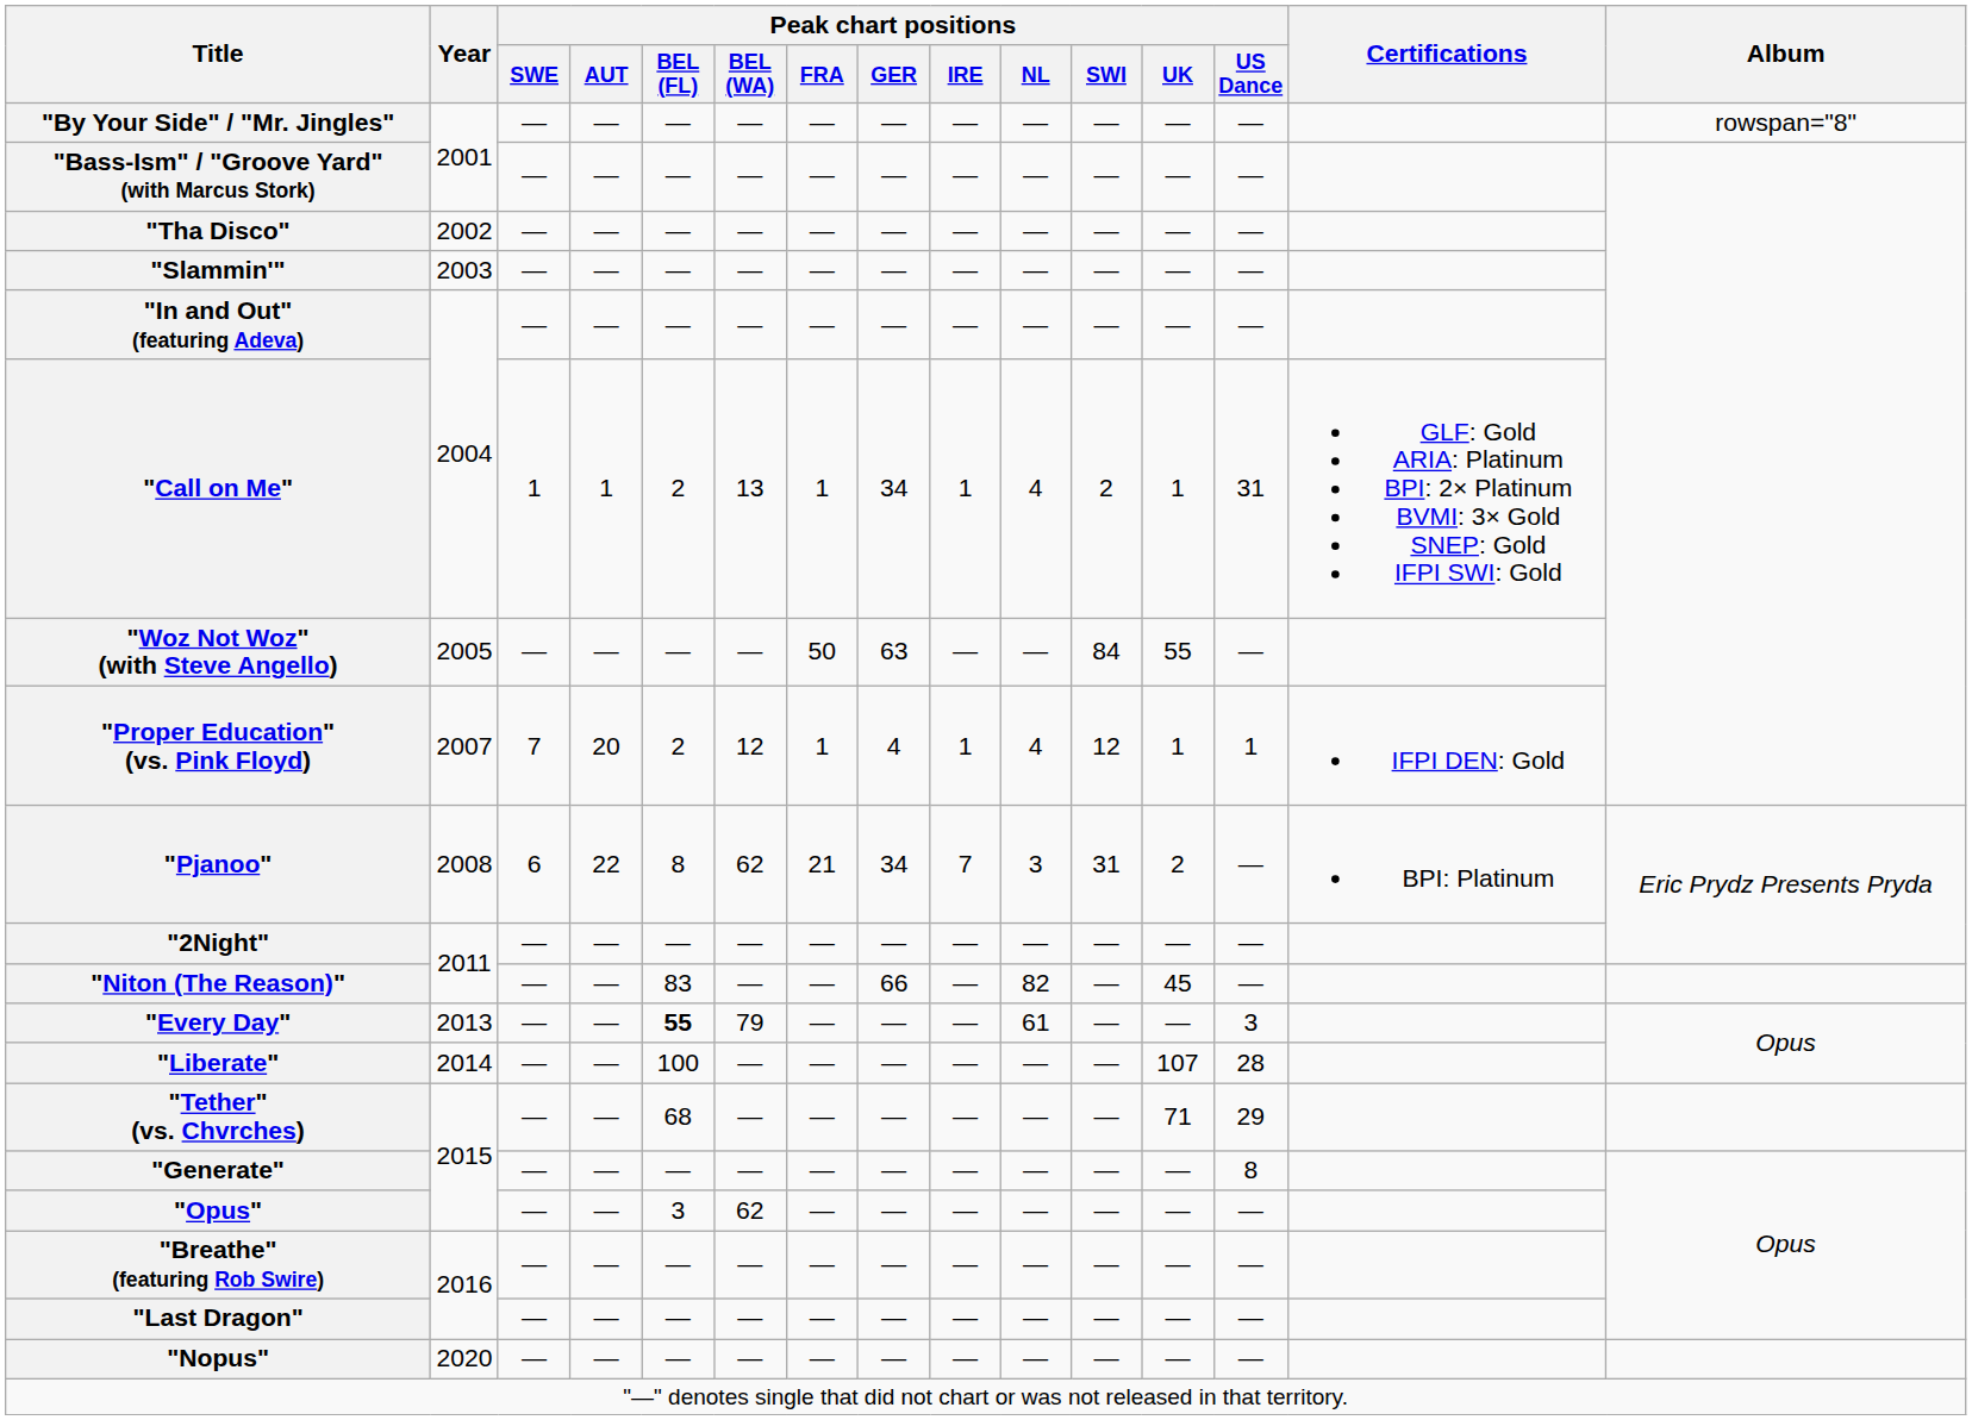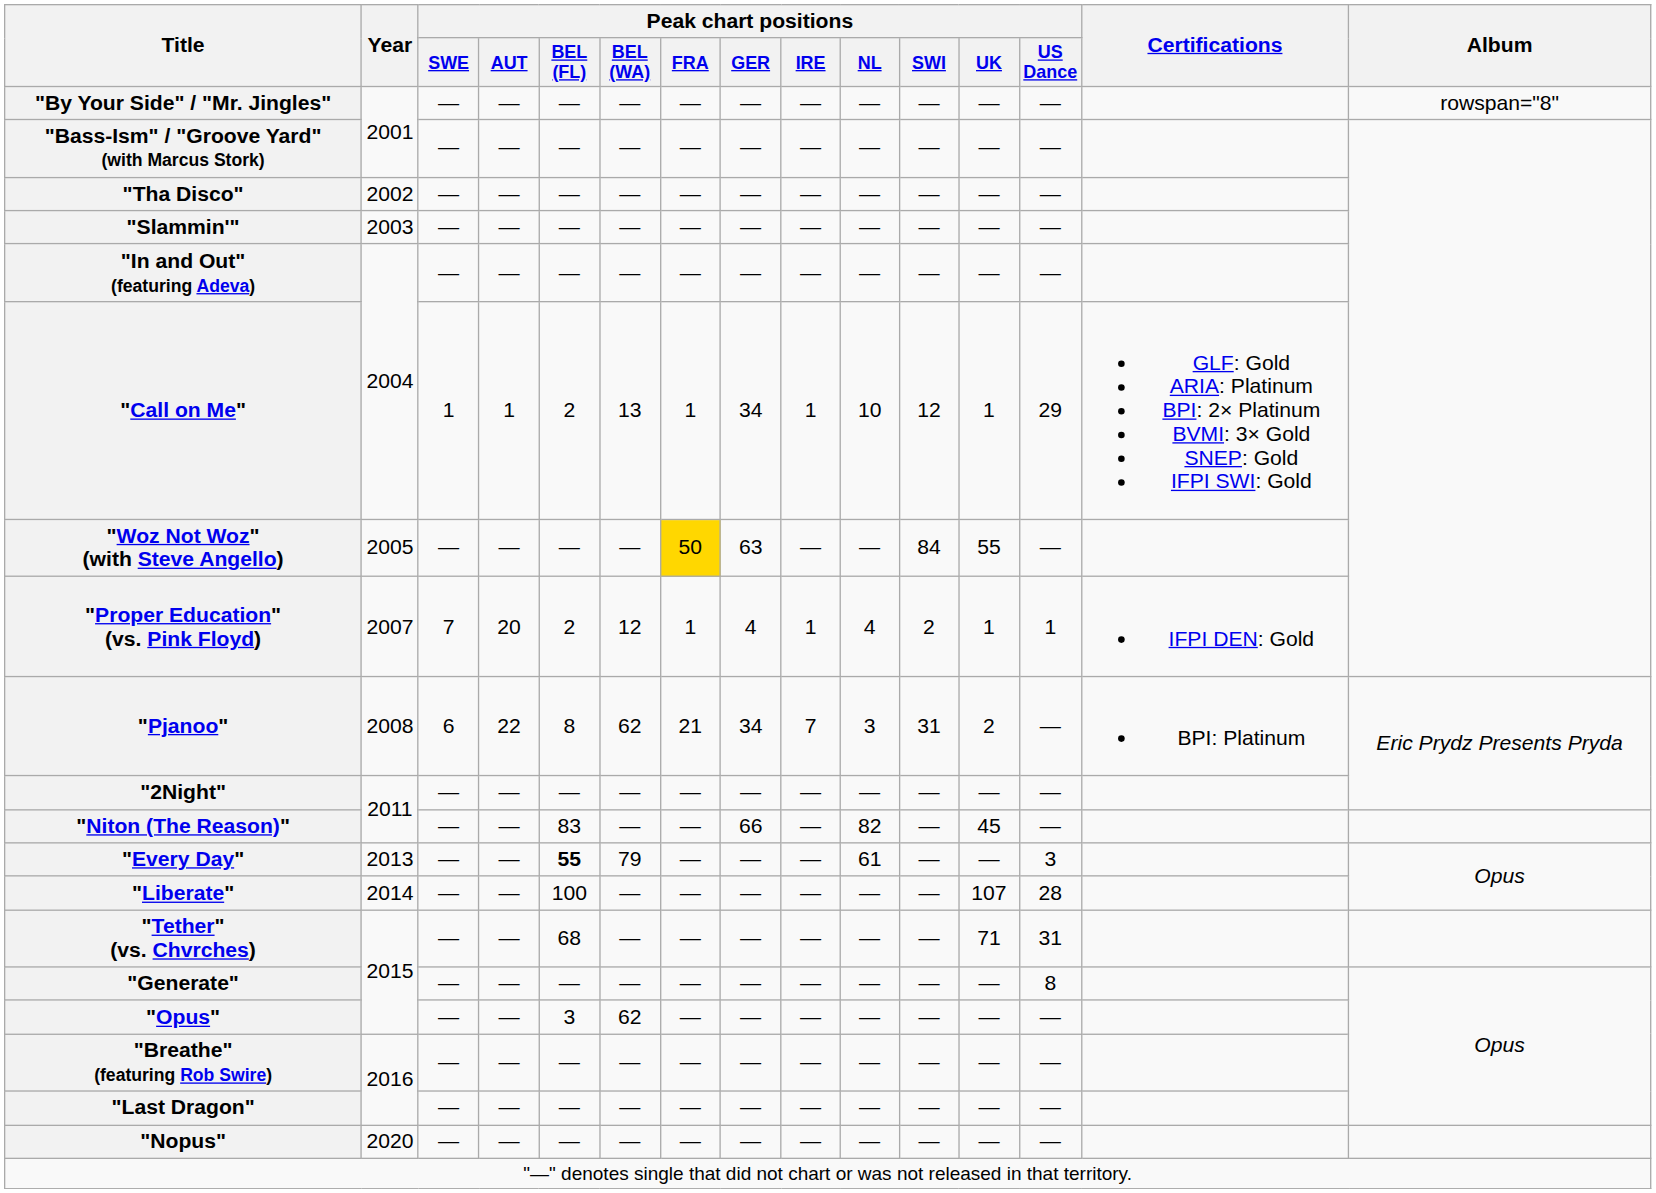 <table class="wikitable plainrowheaders" style="text-align:center;">
 <tr>
 <th scope="col" rowspan="2" style="width:18em">Title</th>
 <th scope="col" rowspan="2">Year</th>
 <th scope="col" colspan="11">Peak chart positions</th>
 <th scope="col" rowspan="2" style="width:13em"><a href='#'>Certifications</a></th>
 <th scope="col" rowspan="2" style="width:15em">Album</th>
 </tr>
 <tr>
 <th scope="col" style="width:3em;font-size:85%;"><a href='#'>SWE</a><br></th>
 <th scope="col" style="width:3em;font-size:85%;"><a href='#'>AUT</a><br></th>
 <th scope="col" style="width:3em;font-size:85%;"><a href='#'>BEL (FL)</a><br></th>
 <th scope="col" style="width:3em;font-size:85%;"><a href='#'>BEL (WA)</a><br></th>
 <th scope="col" style="width:3em;font-size:85%;"><a href='#'>FRA</a><br></th>
 <th scope="col" style="width:3em;font-size:85%;"><a href='#'>GER</a><br></th>
 <th scope="col" style="width:3em;font-size:85%;"><a href='#'>IRE</a><br></th>
 <th scope="col" style="width:3em;font-size:85%;"><a href='#'>NL</a><br></th>
 <th scope="col" style="width:3em;font-size:85%;"><a href='#'>SWI</a><br></th>
 <th scope="col" style="width:3em;font-size:85%;"><a href='#'>UK</a><br></th>
 <th scope="col" style="width:3em;font-size:85%;"><a href='#'>US<br>Dance</a><br></th>
 </tr>
 <tr>
 <th scope="row">"By Your Side" / "Mr. Jingles"</th>
 <td rowspan="2">2001</td>
 <td>—</td>
 <td>—</td>
 <td>—</td>
 <td>—</td>
 <td>—</td>
 <td>—</td>
 <td>—</td>
 <td>—</td>
 <td>—</td>
 <td>—</td>
 <td>—</td>
 <td></td>
 <td>rowspan="8" </td>
 </tr>
 <tr>
 <th scope="row">"Bass-Ism" / "Groove Yard"<br><small>(with Marcus Stork)</small></th>
 <td>—</td>
 <td>—</td>
 <td>—</td>
 <td>—</td>
 <td>—</td>
 <td>—</td>
 <td>—</td>
 <td>—</td>
 <td>—</td>
 <td>—</td>
 <td>—</td>
 <td></td>
 </tr>
 <tr>
 <th scope="row">"Tha Disco"</th>
 <td>2002</td>
 <td>—</td>
 <td>—</td>
 <td>—</td>
 <td>—</td>
 <td>—</td>
 <td>—</td>
 <td>—</td>
 <td>—</td>
 <td>—</td>
 <td>—</td>
 <td>—</td>
 <td></td>
 </tr>
 <tr>
 <th scope="row">"Slammin'"</th>
 <td>2003</td>
 <td>—</td>
 <td>—</td>
 <td>—</td>
 <td>—</td>
 <td>—</td>
 <td>—</td>
 <td>—</td>
 <td>—</td>
 <td>—</td>
 <td>—</td>
 <td>—</td>
 <td></td>
 </tr>
 <tr>
 <th scope="row">"In and Out" <br><small>(featuring <a href='#'>Adeva</a>)</small></th>
 <td rowspan="2">2004</td>
 <td>—</td>
 <td>—</td>
 <td>—</td>
 <td>—</td>
 <td>—</td>
 <td>—</td>
 <td>—</td>
 <td>—</td>
 <td>—</td>
 <td>—</td>
 <td>—</td>
 <td></td>
 </tr>
 <tr>
 <th scope="row">"<a href='#'>Call on Me</a>"</th>
 <td>1</td>
 <td>1</td>
 <td>2</td>
 <td>13</td>
 <td>1</td>
 <td>34</td>
 <td>1</td>
-<td>4</td>
-<td>2</td>
+<td>10</td>
+<td>12</td>
 <td>1</td>
-<td>31</td>
+<td>29</td>
 <td><br><ul><li><a href='#'>GLF</a>: Gold</li><li><a href='#'>ARIA</a>: Platinum</li><li><a href='#'>BPI</a>: 2× Platinum</li><li><a href='#'>BVMI</a>: 3× Gold</li><li><a href='#'>SNEP</a>: Gold</li><li><a href='#'>IFPI SWI</a>: Gold</li></ul></td>
 </tr>
 <tr>
 <th scope="row">"<a href='#'>Woz Not Woz</a>"<br><span>(with <a href='#'>Steve Angello</a>)</span></th>
 <td>2005</td>
 <td>—</td>
 <td>—</td>
 <td>—</td>
 <td>—</td>
-<td>50</td>
+<td style="background: gold;">50</td>
 <td>63</td>
 <td>—</td>
 <td>—</td>
 <td>84</td>
 <td>55</td>
 <td>—</td>
 <td></td>
 </tr>
 <tr>
 <th scope="row">"<a href='#'>Proper Education</a>"<br><span>(vs. <a href='#'>Pink Floyd</a>)</span></th>
 <td>2007</td>
 <td>7</td>
 <td>20</td>
 <td>2</td>
 <td>12</td>
 <td>1</td>
 <td>4</td>
 <td>1</td>
 <td>4</td>
-<td>12</td>
+<td>2</td>
 <td>1</td>
 <td>1</td>
 <td><br><ul><li><a href='#'>IFPI DEN</a>: Gold</li></ul></td>
 </tr>
 <tr>
 <th scope="row">"<a href='#'>Pjanoo</a>"</th>
 <td>2008</td>
 <td>6</td>
 <td>22</td>
 <td>8</td>
 <td>62</td>
 <td>21</td>
 <td>34</td>
 <td>7</td>
 <td>3</td>
 <td>31</td>
 <td>2</td>
 <td>—</td>
 <td><br><ul><li>BPI: Platinum</li></ul></td>
 <td rowspan="2"><em>Eric Prydz Presents Pryda</em></td>
 </tr>
 <tr>
 <th scope="row">"2Night"</th>
 <td rowspan="2">2011</td>
 <td>—</td>
 <td>—</td>
 <td>—</td>
 <td>—</td>
 <td>—</td>
 <td>—</td>
 <td>—</td>
 <td>—</td>
 <td>—</td>
 <td>—</td>
 <td>—</td>
 <td></td>
 </tr>
 <tr>
 <th scope="row">"<a href='#'>Niton (The Reason)</a>"</th>
 <td>—</td>
 <td>—</td>
 <td>83</td>
 <td>—</td>
 <td>—</td>
 <td>66</td>
 <td>—</td>
 <td>82</td>
 <td>—</td>
 <td>45</td>
 <td>—</td>
 <td></td>
 <td></td>
 </tr>
 <tr>
 <th scope="row">"<a href='#'>Every Day</a>"</th>
 <td>2013</td>
 <td>—</td>
 <td>—</td>
 <td><strong>55</strong></td>
 <td>79</td>
 <td>—</td>
 <td>—</td>
 <td>—</td>
 <td>61</td>
 <td>—</td>
 <td>—</td>
 <td>3</td>
 <td></td>
 <td rowspan="2"><em>Opus</em></td>
 </tr>
 <tr>
 <th scope="row">"<a href='#'>Liberate</a>"</th>
 <td>2014</td>
 <td>—</td>
 <td>—</td>
 <td>100</td>
 <td>—</td>
 <td>—</td>
 <td>—</td>
 <td>—</td>
 <td>—</td>
 <td>—</td>
 <td>107</td>
 <td>28</td>
 <td></td>
 </tr>
 <tr>
 <th scope="row">"<a href='#'>Tether</a>"<br><span>(vs. <a href='#'>Chvrches</a>)</span></th>
 <td rowspan="3">2015</td>
 <td>—</td>
 <td>—</td>
 <td>68</td>
 <td>—</td>
 <td>—</td>
 <td>—</td>
 <td>—</td>
 <td>—</td>
 <td>—</td>
 <td>71</td>
-<td>29</td>
+<td>31</td>
 <td></td>
 <td></td>
 </tr>
 <tr>
 <th scope="row">"Generate"</th>
 <td>—</td>
 <td>—</td>
 <td>—</td>
 <td>—</td>
 <td>—</td>
 <td>—</td>
 <td>—</td>
 <td>—</td>
 <td>—</td>
 <td>—</td>
 <td>8</td>
 <td></td>
 <td rowspan="4"><em>Opus</em></td>
 </tr>
 <tr>
 <th scope="row">"<a href='#'>Opus</a>"</th>
 <td>—</td>
 <td>—</td>
 <td>3</td>
 <td>62</td>
 <td>—</td>
 <td>—</td>
 <td>—</td>
 <td>—</td>
 <td>—</td>
 <td>—</td>
 <td>—</td>
 <td></td>
 </tr>
 <tr>
 <th scope="row">"Breathe"<br><small>(featuring <a href='#'>Rob Swire</a>)</small></th>
 <td rowspan="2">2016</td>
 <td>—</td>
 <td>—</td>
 <td>—</td>
 <td>—</td>
 <td>—</td>
 <td>—</td>
 <td>—</td>
 <td>—</td>
 <td>—</td>
 <td>—</td>
 <td>—</td>
 <td></td>
 </tr>
 <tr>
 <th scope="row">"Last Dragon"</th>
 <td>—</td>
 <td>—</td>
 <td>—</td>
 <td>—</td>
 <td>—</td>
 <td>—</td>
 <td>—</td>
 <td>—</td>
 <td>—</td>
 <td>—</td>
 <td>—</td>
 <td></td>
 </tr>
 <tr>
 <th scope="row">"Nopus"</th>
 <td>2020</td>
 <td>—</td>
 <td>—</td>
 <td>—</td>
 <td>—</td>
 <td>—</td>
 <td>—</td>
 <td>—</td>
 <td>—</td>
 <td>—</td>
 <td>—</td>
 <td>—</td>
 <td></td>
 <td></td>
 </tr>
 <tr>
 <td colspan="16" style="font-size:90%">"—" denotes single that did not chart or was not released in that territory.</td>
 </tr>
 </table>
